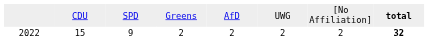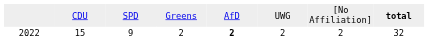 <table border="0" cellpadding="2" cellspacing="0" width="95%">
 <tr bgcolor="#eeeeee" align="center">
 <td width = "9%"></td>
 <td width = "9%"><a href='#'>CDU</a></td>
 <td width = "9%"><a href='#'>SPD</a></td>
 <td width = "9%"><a href='#'>Greens</a></td>
 <td width = "9%"><a href='#'>AfD</a></td>
 <td width = "9%">UWG</td>
 <td width = "9%">[No Affiliation]</td>
 <td width = "9%"><strong>total</strong></td>
 </tr>
 <tr align="center">
 <td>2022</td>
 <td>15</td>
 <td>9</td>
 <td>2</td>
+<td><strong>2</strong></td>
 <td>2</td>
 <td>2</td>
-<td>2</td>
-<td><strong>32</strong></td>
+<td>32</td>
 <td></td>
 </tr>
 </table>
